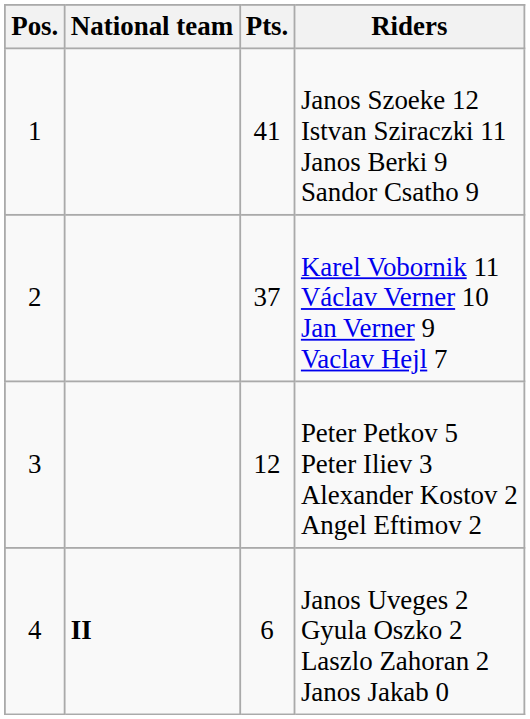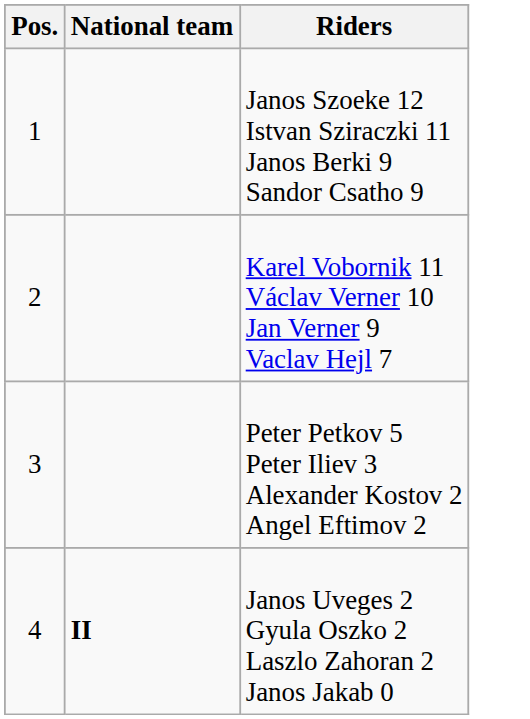 <table class=wikitable style="font-size:93%;">
 <tr>
 <th>Pos.</th>
 <th>National team</th>
-<th>Pts.</th>
 <th>Riders</th>
 </tr>
 <tr align=center >
 <td>1</td>
 <td align=left></td>
-<td>41</td>
 <td align=left><br>Janos Szoeke 12<br> Istvan Sziraczki 11<br> Janos Berki 9<br> Sandor Csatho 9</td>
 </tr>
 <tr align=center >
 <td>2</td>
 <td align=left></td>
-<td>37</td>
 <td align=left><br><a href='#'>Karel Vobornik</a> 11<br> <a href='#'>Václav Verner</a> 10<br> <a href='#'>Jan Verner</a> 9<br> <a href='#'>Vaclav Hejl</a> 7</td>
 </tr>
 <tr align=center>
 <td>3</td>
 <td align=left></td>
-<td>12</td>
 <td align=left><br>Peter Petkov 5<br> Peter Iliev 3<br> Alexander Kostov 2<br> Angel Eftimov 2</td>
 </tr>
 <tr align=center>
 <td>4</td>
 <td align=left><strong> II</strong></td>
-<td>6</td>
 <td align=left><br>Janos Uveges 2<br> Gyula Oszko 2<br> Laszlo Zahoran 2<br> Janos Jakab 0</td>
 </tr>
 </table>
